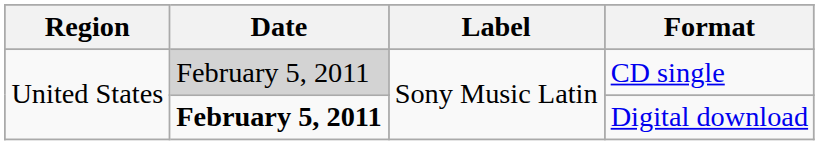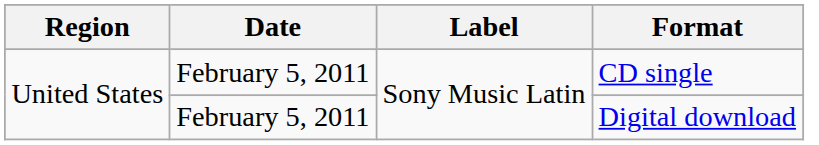 <table class="wikitable">
 <tr>
 <th>Region</th>
 <th>Date</th>
 <th>Label</th>
 <th>Format</th>
 </tr>
 <tr>
 <td rowspan="2">United States</td>
-<td style="background: lightgrey;">February 5, 2011</td>
+<td>February 5, 2011</td>
 <td rowspan="2">Sony Music Latin</td>
 <td><a href='#'>CD single</a></td>
 </tr>
 <tr>
-<td><strong>February 5, 2011</strong></td>
+<td>February 5, 2011</td>
 <td><a href='#'>Digital download</a></td>
 </tr>
 </table>
